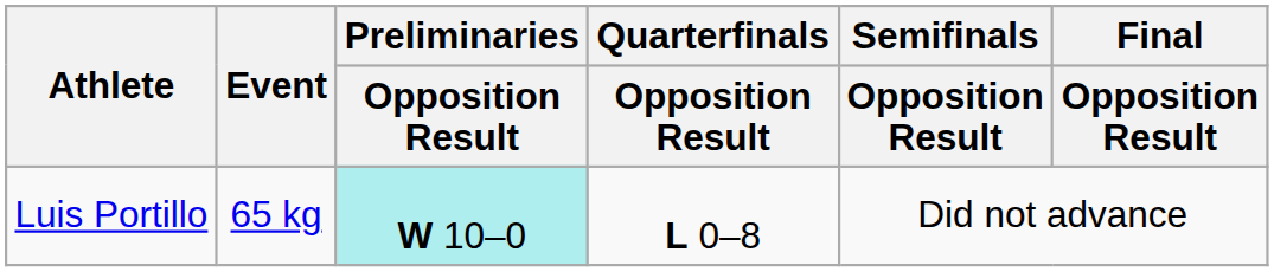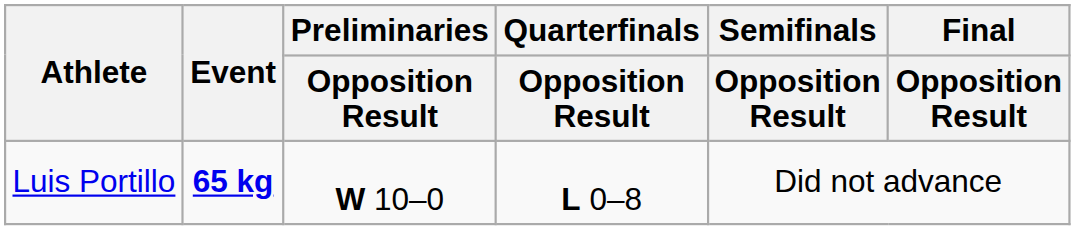 <table class="wikitable" border="1" style="font-size:90%">
 <tr>
 <th rowspan=2>Athlete</th>
 <th rowspan=2>Event</th>
 <th>Preliminaries</th>
 <th>Quarterfinals</th>
 <th>Semifinals</th>
 <th>Final</th>
 </tr>
 <tr>
 <th>Opposition<br>Result</th>
 <th>Opposition<br>Result</th>
 <th>Opposition<br>Result</th>
 <th>Opposition<br>Result</th>
 </tr>
 <tr align=center>
 <td><a href='#'>Luis Portillo</a></td>
-<td><a href='#'>65 kg</a></td>
-<td style="background: paleturquoise;"><br><strong>W</strong> 10–0</td>
+<td><strong><a href='#'>65 kg</a></strong></td>
+<td><br><strong>W</strong> 10–0</td>
 <td><br><strong>L</strong> 0–8</td>
 <td colspan="2">Did not advance</td>
 </tr>
 </table>
